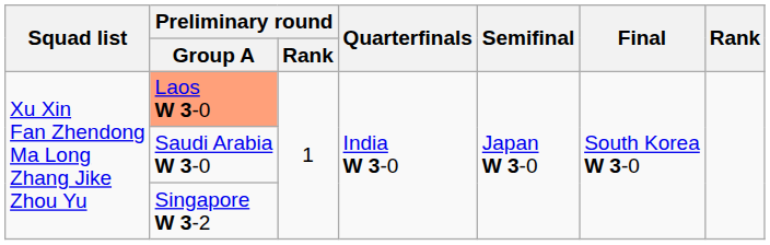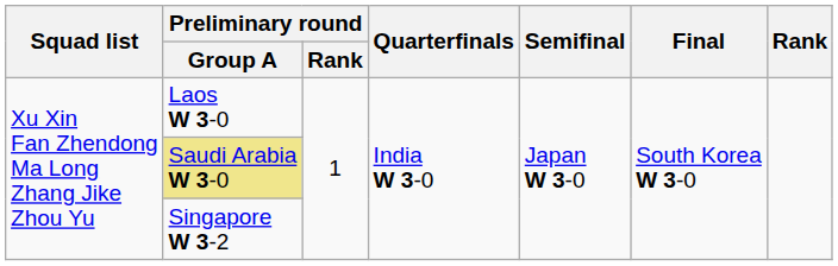 <table class="wikitable" style="font-size:90%">
 <tr>
 <th rowspan="2">Squad list</th>
 <th colspan="2">Preliminary round</th>
 <th rowspan="2">Quarterfinals</th>
 <th rowspan="2">Semifinal</th>
 <th rowspan="2">Final</th>
 <th rowspan="2">Rank</th>
 </tr>
 <tr>
 <th>Group A</th>
 <th>Rank</th>
 </tr>
 <tr>
 <td rowspan=3><a href='#'>Xu Xin</a><br><a href='#'>Fan Zhendong</a><br><a href='#'>Ma Long</a><br><a href='#'>Zhang Jike</a><br><a href='#'>Zhou Yu</a></td>
-<td style="background: lightsalmon;"><a href='#'>Laos</a><br><strong>W</strong> <strong>3</strong>-0</td>
+<td><a href='#'>Laos</a><br><strong>W</strong> <strong>3</strong>-0</td>
 <td rowspan="3" style="text-align:center;">1 <strong></strong></td>
 <td rowspan=3><a href='#'>India</a><br><strong>W</strong> <strong>3</strong>-0</td>
 <td rowspan=3><a href='#'>Japan</a><br><strong>W</strong> <strong>3</strong>-0</td>
 <td rowspan=3><a href='#'>South Korea</a><br><strong>W</strong> <strong>3</strong>-0</td>
 <td rowspan="3" style="text-align:center;"></td>
 </tr>
 <tr>
-<td><a href='#'>Saudi Arabia</a><br><strong>W</strong> <strong>3</strong>-0</td>
+<td style="background: khaki;"><a href='#'>Saudi Arabia</a><br><strong>W</strong> <strong>3</strong>-0</td>
 </tr>
 <tr>
 <td><a href='#'>Singapore</a><br><strong>W</strong> <strong>3</strong>-2</td>
 </tr>
 </table>
